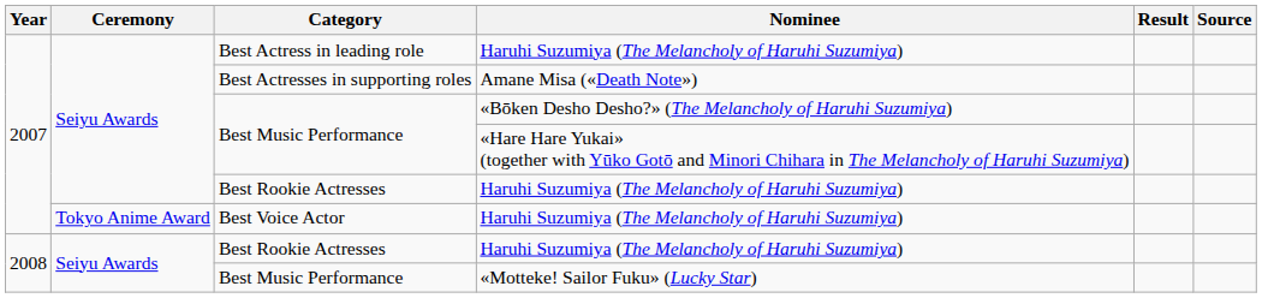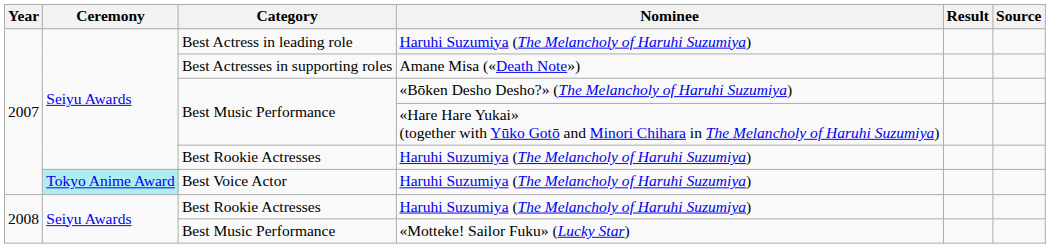 <table class="wikitable sortable plainrowheaders">
 <tr>
 <th>Year</th>
 <th>Ceremony</th>
 <th>Category</th>
 <th>Nominee</th>
 <th>Result</th>
 <th class="unsortable">Source</th>
 </tr>
 <tr>
 <td rowspan="6">2007</td>
 <td rowspan="5"><a href='#'>Seiyu Awards</a></td>
 <td>Best Actress in leading role</td>
 <td><a href='#'>Haruhi Suzumiya</a> (<em><a href='#'>The Melancholy of Haruhi Suzumiya</a></em>)</td>
 <td></td>
 <td></td>
 </tr>
 <tr>
 <td>Best Actresses in supporting roles</td>
 <td>Amane Misa («<a href='#'>Death Note</a>»)</td>
 <td></td>
 <td></td>
 </tr>
 <tr>
 <td rowspan="2">Best Music Performance</td>
 <td>«Bōken Desho Desho?» (<em><a href='#'>The Melancholy of Haruhi Suzumiya</a></em>)</td>
 <td></td>
 <td></td>
 </tr>
 <tr>
 <td>«Hare Hare Yukai»<br>(together with <a href='#'>Yūko Gotō</a> and <a href='#'>Minori Chihara</a> in <em><a href='#'>The Melancholy of Haruhi Suzumiya</a></em>)</td>
 <td></td>
 <td></td>
 </tr>
 <tr>
 <td>Best Rookie Actresses</td>
 <td><a href='#'>Haruhi Suzumiya</a> (<em><a href='#'>The Melancholy of Haruhi Suzumiya</a></em>)</td>
 <td></td>
 <td></td>
 </tr>
 <tr>
-<td><a href='#'>Tokyo Anime Award</a></td>
+<td style="background: paleturquoise;"><a href='#'>Tokyo Anime Award</a></td>
 <td>Best Voice Actor</td>
 <td><a href='#'>Haruhi Suzumiya</a> (<em><a href='#'>The Melancholy of Haruhi Suzumiya</a></em>)</td>
 <td></td>
 <td></td>
 </tr>
 <tr>
 <td rowspan="2">2008</td>
 <td rowspan="2"><a href='#'>Seiyu Awards</a></td>
 <td>Best Rookie Actresses</td>
 <td><a href='#'>Haruhi Suzumiya</a> (<em><a href='#'>The Melancholy of Haruhi Suzumiya</a></em>)</td>
 <td></td>
 <td></td>
 </tr>
 <tr>
 <td>Best Music Performance</td>
 <td>«Motteke! Sailor Fuku» (<em><a href='#'>Lucky Star</a></em>)</td>
 <td></td>
 <td></td>
 </tr>
 </table>
